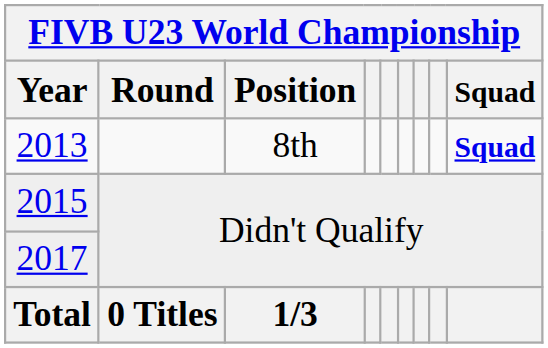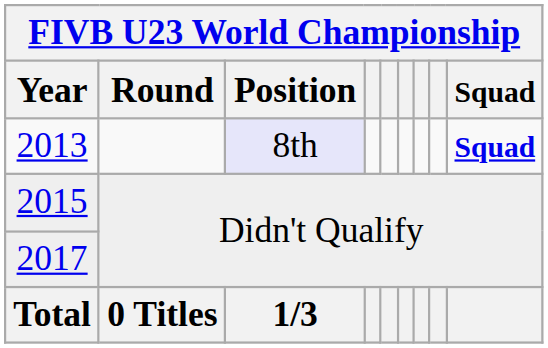 <table class="wikitable" style="text-align: center;">
 <tr>
 <th colspan=9><a href='#'>FIVB U23 World Championship</a></th>
 </tr>
 <tr>
 <th>Year</th>
 <th>Round</th>
 <th>Position</th>
 <th></th>
 <th></th>
 <th></th>
 <th></th>
 <th></th>
 <th><small>Squad</small></th>
 </tr>
 <tr>
 <td> <a href='#'>2013</a></td>
 <td></td>
-<td>8th</td>
+<td style="background: lavender;">8th</td>
 <td></td>
 <td></td>
 <td></td>
 <td></td>
 <td></td>
 <td><strong><small> <a href='#'>Squad</a></small></strong></td>
 </tr>
 <tr bgcolor="efefef">
 <td> <a href='#'>2015</a></td>
 <td colspan=9 rowspan=2>Didn't Qualify</td>
 </tr>
 <tr bgcolor="efefef">
 <td> <a href='#'>2017</a></td>
 </tr>
 <tr>
 <th>Total</th>
 <th>0 Titles</th>
 <th>1/3</th>
 <th></th>
 <th></th>
 <th></th>
 <th></th>
 <th></th>
 <th></th>
 </tr>
 </table>
